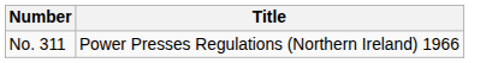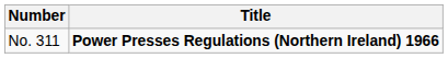 <table class="wikitable collapsible">
 <tr>
 <th>Number</th>
 <th>Title</th>
 </tr>
 <tr>
 <td>No. 311</td>
-<td>Power Presses Regulations (Northern Ireland) 1966</td>
+<td><strong>Power Presses Regulations (Northern Ireland) 1966</strong></td>
 </tr>
 </table>
